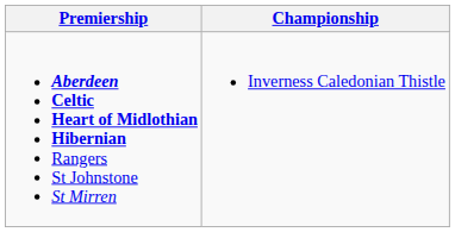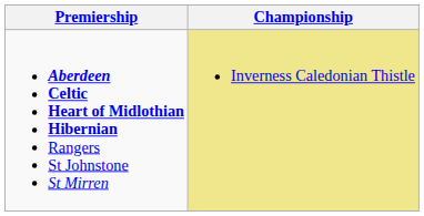 <table class="wikitable" style="text-align:left">
 <tr>
 <th><a href='#'>Premiership</a></th>
 <th><a href='#'>Championship</a></th>
 </tr>
 <tr>
 <td valign=top><br><ul><li><strong><em><a href='#'>Aberdeen</a></em></strong></li><li><strong><a href='#'>Celtic</a></strong></li><li><strong><a href='#'>Heart of Midlothian</a></strong></li><li><strong><a href='#'>Hibernian</a></strong></li><li><a href='#'>Rangers</a></li><li><a href='#'>St Johnstone</a></li><li><em><a href='#'>St Mirren</a></em></li></ul></td>
-<td valign=top><br><ul><li><a href='#'>Inverness Caledonian Thistle</a></li></ul></td>
+<td valign=top style="background: khaki;"><br><ul><li><a href='#'>Inverness Caledonian Thistle</a></li></ul></td>
 </tr>
 </table>
